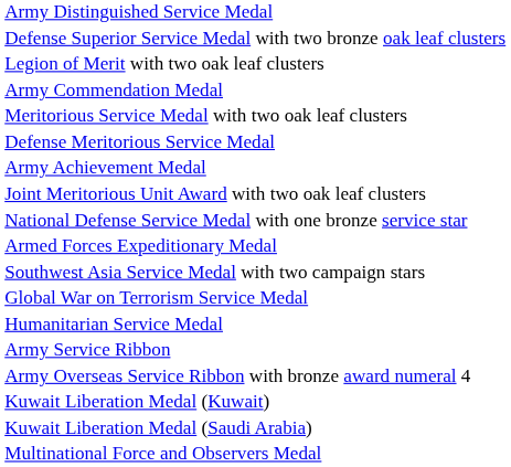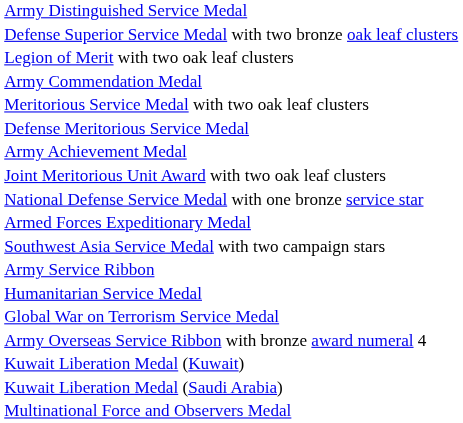 <table>
 <tr>
 <td> <a href='#'>Army Distinguished Service Medal</a></td>
 </tr>
 <tr>
 <td><span></span><span></span> <a href='#'>Defense Superior Service Medal</a> with two bronze <a href='#'>oak leaf clusters</a></td>
 </tr>
 <tr>
 <td><span></span><span></span> <a href='#'>Legion of Merit</a> with two oak leaf clusters</td>
 </tr>
 <tr>
 <td> <a href='#'>Army Commendation Medal</a></td>
 </tr>
 <tr>
 <td><span></span><span></span> <a href='#'>Meritorious Service Medal</a> with two oak leaf clusters</td>
 </tr>
 <tr>
 <td> <a href='#'>Defense Meritorious Service Medal</a></td>
 </tr>
 <tr>
 <td> <a href='#'>Army Achievement Medal</a></td>
 </tr>
 <tr>
 <td><span></span><span></span> <a href='#'>Joint Meritorious Unit Award</a> with two oak leaf clusters</td>
 </tr>
 <tr>
 <td> <a href='#'>National Defense Service Medal</a> with one bronze <a href='#'>service star</a></td>
 </tr>
 <tr>
 <td> <a href='#'>Armed Forces Expeditionary Medal</a></td>
 </tr>
 <tr>
 <td><span></span><span></span> <a href='#'>Southwest Asia Service Medal</a> with two campaign stars</td>
 </tr>
 <tr>
-<td> <a href='#'>Global War on Terrorism Service Medal</a></td>
+<td> <a href='#'>Army Service Ribbon</a></td>
 </tr>
 <tr>
 <td> <a href='#'>Humanitarian Service Medal</a></td>
 </tr>
 <tr>
-<td> <a href='#'>Army Service Ribbon</a></td>
+<td> <a href='#'>Global War on Terrorism Service Medal</a></td>
 </tr>
 <tr>
 <td><span></span> <a href='#'>Army Overseas Service Ribbon</a> with bronze <a href='#'>award numeral</a> 4</td>
 </tr>
 <tr>
 <td> <a href='#'>Kuwait Liberation Medal</a> (<a href='#'>Kuwait</a>)</td>
 </tr>
 <tr>
 <td> <a href='#'>Kuwait Liberation Medal</a> (<a href='#'>Saudi Arabia</a>)</td>
 </tr>
 <tr>
 <td> <a href='#'>Multinational Force and Observers Medal</a></td>
 </tr>
 </table>
